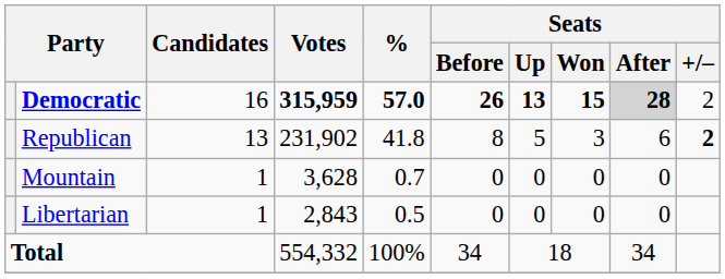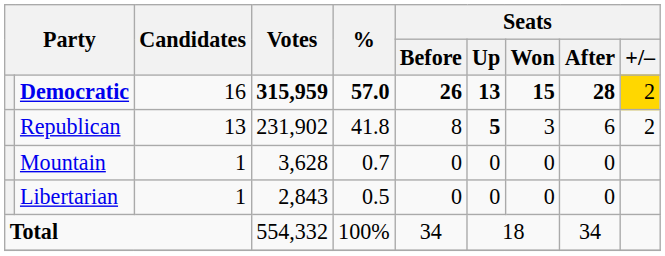 <table class="wikitable">
 <tr>
 <th rowspan="2" colspan="2">Party</th>
 <th rowspan="2">Candidates</th>
 <th rowspan="2">Votes</th>
 <th rowspan="2">%</th>
 <th colspan="5">Seats</th>
 </tr>
 <tr>
 <th>Before<br></th>
 <th>Up</th>
 <th>Won</th>
 <th>After<br></th>
 <th>+/–</th>
 </tr>
 <tr>
 <th style="background-color:"></th>
 <td><strong><a href='#'>Democratic</a></strong></td>
 <td align="right">16</td>
 <td align="right"><strong>315,959</strong></td>
 <td align="right"><strong>57.0</strong></td>
 <td align="right"><strong>26</strong></td>
 <td align="right"><strong>13</strong></td>
 <td align="right"><strong>15</strong></td>
-<td align="right" style="background: lightgrey;"><strong>28</strong></td>
-<td align="right"> 2</td>
+<td align="right"><strong>28</strong></td>
+<td align="right" style="background: gold;"> 2</td>
 </tr>
 <tr>
 <th style="background-color:"></th>
 <td><a href='#'>Republican</a></td>
 <td align="right">13</td>
 <td align="right">231,902</td>
 <td align="right">41.8</td>
 <td align="right">8</td>
-<td align="right">5</td>
+<td align="right"><strong>5</strong></td>
 <td align="right">3</td>
 <td align="right">6</td>
-<td align="right"><strong> 2</strong></td>
+<td align="right"> 2</td>
 </tr>
 <tr>
 <th style="background-color:"></th>
 <td><a href='#'>Mountain</a></td>
 <td align="right">1</td>
 <td align="right">3,628</td>
 <td align="right">0.7</td>
 <td align="right">0</td>
 <td align="right">0</td>
 <td align="right">0</td>
 <td align="right">0</td>
 <td align="right"></td>
 </tr>
 <tr>
 <th style="background-color:"></th>
 <td><a href='#'>Libertarian</a></td>
 <td align="right">1</td>
 <td align="right">2,843</td>
 <td align="right">0.5</td>
 <td align="right">0</td>
 <td align="right">0</td>
 <td align="right">0</td>
 <td align="right">0</td>
 <td align="right"></td>
 </tr>
 <tr>
 <td colspan="3"><strong>Total</strong></td>
 <td align="right">554,332</td>
 <td align="right">100%</td>
 <td align="center">34</td>
 <td colspan="2" align="center">18</td>
 <td align="center">34</td>
 <td align="right"></td>
 </tr>
 <tr>
 </tr>
 </table>
